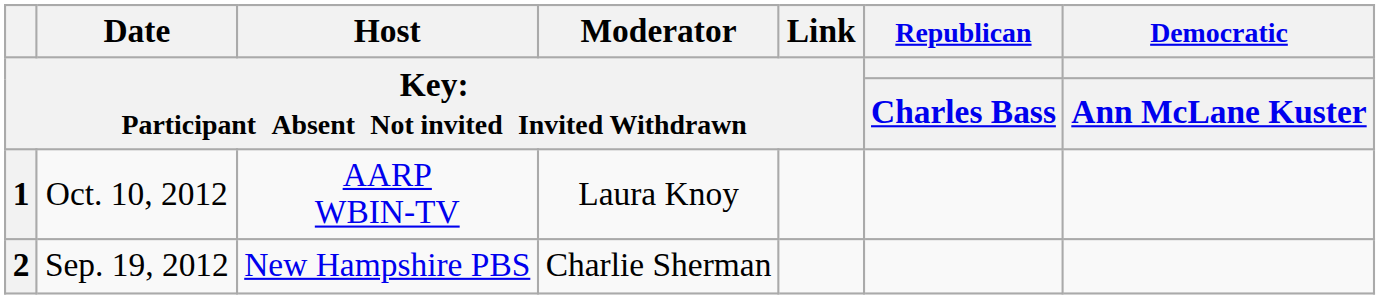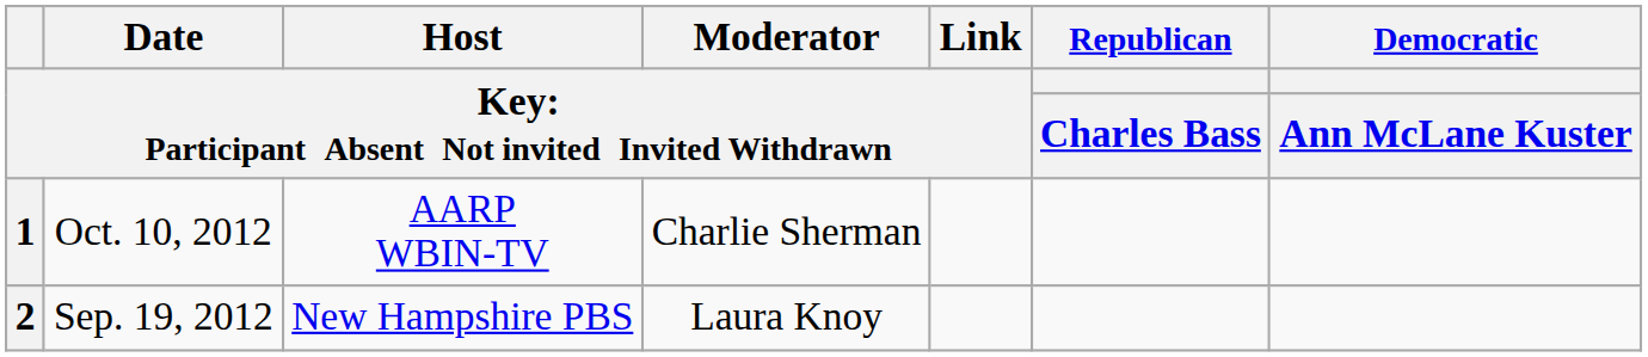 <table class="wikitable" style="text-align:center;">
 <tr>
 <th scope="col"></th>
 <th scope="col">Date</th>
 <th scope="col">Host</th>
 <th scope="col">Moderator</th>
 <th scope="col">Link</th>
 <th scope="col"><small><a href='#'>Republican</a></small></th>
 <th scope="col"><small><a href='#'>Democratic</a></small></th>
 </tr>
 <tr>
 <th colspan="5" rowspan="2">Key:<br> <small>Participant </small>  <small>Absent </small>  <small>Not invited </small>  <small>Invited  Withdrawn</small></th>
 <th scope="col" style="background:"></th>
 <th scope="col" style="background:"></th>
 </tr>
 <tr>
 <th scope="col"><a href='#'>Charles Bass</a></th>
 <th scope="col"><a href='#'>Ann McLane Kuster</a></th>
 </tr>
 <tr>
 <th>1</th>
 <td style="white-space:nowrap;">Oct. 10, 2012</td>
 <td style="white-space:nowrap;"><a href='#'>AARP</a><br><a href='#'>WBIN-TV</a></td>
-<td style="white-space:nowrap;">Laura Knoy</td>
+<td style="white-space:nowrap;">Charlie Sherman</td>
 <td style="white-space:nowrap;"></td>
 <td></td>
 <td></td>
 </tr>
 <tr>
 <th>2</th>
 <td style="white-space:nowrap;">Sep. 19, 2012</td>
 <td style="white-space:nowrap;"><a href='#'>New Hampshire PBS</a></td>
-<td style="white-space:nowrap;">Charlie Sherman</td>
+<td style="white-space:nowrap;">Laura Knoy</td>
 <td style="white-space:nowrap;"></td>
 <td></td>
 <td></td>
 </tr>
 </table>
